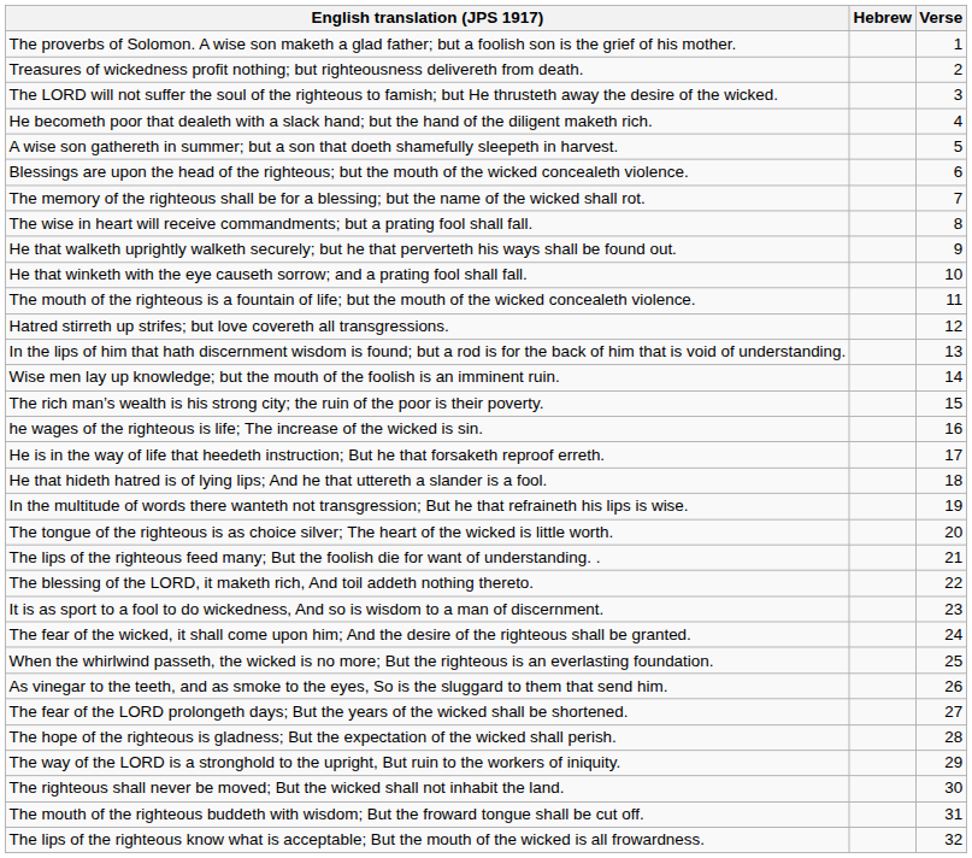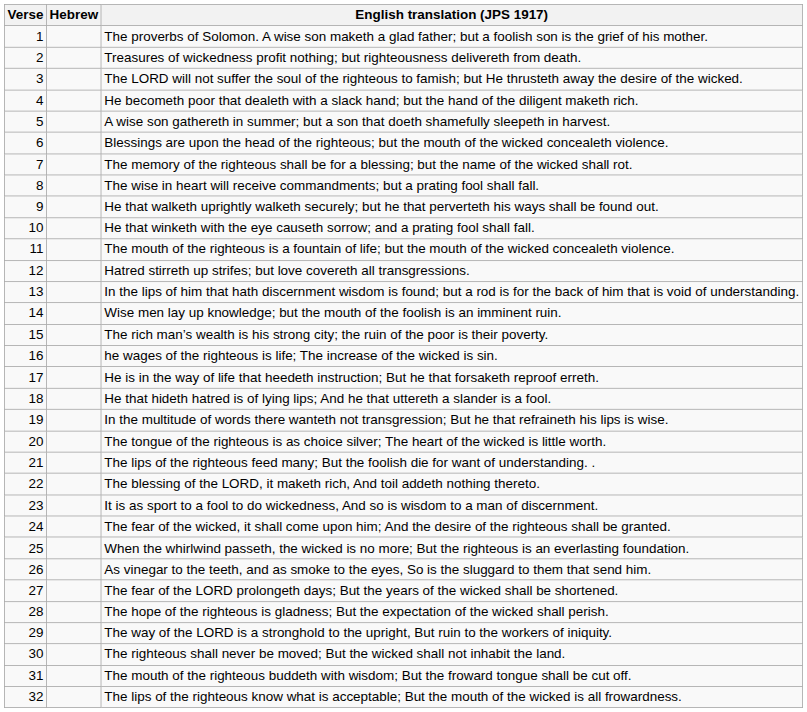 <table class="wikitable">
 <tr>
+<th>Verse</th>
+<th>Hebrew</th>
 <th>English translation (JPS 1917)</th>
-<th>Hebrew</th>
-<th>Verse</th>
 </tr>
 <tr>
+<td style="text-align:right">1</td>
+<td style="text-align:right"></td>
 <td>The proverbs of Solomon. A wise son maketh a glad father; but a foolish son is the grief of his mother.</td>
-<td style="text-align:right"></td>
-<td style="text-align:right">1</td>
 </tr>
 <tr>
+<td style="text-align:right">2</td>
+<td style="text-align:right"></td>
 <td>Treasures of wickedness profit nothing; but righteousness delivereth from death.</td>
-<td style="text-align:right"></td>
-<td style="text-align:right">2</td>
 </tr>
 <tr>
+<td style="text-align:right">3</td>
+<td style="text-align:right"></td>
 <td>The LORD will not suffer the soul of the righteous to famish; but He thrusteth away the desire of the wicked.</td>
-<td style="text-align:right"></td>
-<td style="text-align:right">3</td>
 </tr>
 <tr>
+<td style="text-align:right">4</td>
+<td style="text-align:right"></td>
 <td>He becometh poor that dealeth with a slack hand; but the hand of the diligent maketh rich.</td>
-<td style="text-align:right"></td>
-<td style="text-align:right">4</td>
 </tr>
 <tr>
+<td style="text-align:right">5</td>
+<td style="text-align:right"></td>
 <td>A wise son gathereth in summer; but a son that doeth shamefully sleepeth in harvest.</td>
-<td style="text-align:right"></td>
-<td style="text-align:right">5</td>
 </tr>
 <tr>
+<td style="text-align:right">6</td>
+<td style="text-align:right"></td>
 <td>Blessings are upon the head of the righteous; but the mouth of the wicked concealeth violence.</td>
-<td style="text-align:right"></td>
-<td style="text-align:right">6</td>
 </tr>
 <tr>
+<td style="text-align:right">7</td>
+<td style="text-align:right"></td>
 <td>The memory of the righteous shall be for a blessing; but the name of the wicked shall rot.</td>
-<td style="text-align:right"></td>
-<td style="text-align:right">7</td>
 </tr>
 <tr>
+<td style="text-align:right">8</td>
+<td style="text-align:right"></td>
 <td>The wise in heart will receive commandments; but a prating fool shall fall.</td>
-<td style="text-align:right"></td>
-<td style="text-align:right">8</td>
 </tr>
 <tr>
+<td style="text-align:right">9</td>
+<td style="text-align:right"></td>
 <td>He that walketh uprightly walketh securely; but he that perverteth his ways shall be found out.</td>
-<td style="text-align:right"></td>
-<td style="text-align:right">9</td>
 </tr>
 <tr>
+<td style="text-align:right">10</td>
+<td style="text-align:right"></td>
 <td>He that winketh with the eye causeth sorrow; and a prating fool shall fall.</td>
-<td style="text-align:right"></td>
-<td style="text-align:right">10</td>
 </tr>
 <tr>
+<td style="text-align:right">11</td>
+<td style="text-align:right"></td>
 <td>The mouth of the righteous is a fountain of life; but the mouth of the wicked concealeth violence.</td>
-<td style="text-align:right"></td>
-<td style="text-align:right">11</td>
 </tr>
 <tr>
+<td style="text-align:right">12</td>
+<td style="text-align:right"></td>
 <td>Hatred stirreth up strifes; but love covereth all transgressions.</td>
-<td style="text-align:right"></td>
-<td style="text-align:right">12</td>
 </tr>
 <tr>
+<td style="text-align:right">13</td>
+<td style="text-align:right"></td>
 <td>In the lips of him that hath discernment wisdom is found; but a rod is for the back of him that is void of understanding.</td>
-<td style="text-align:right"></td>
-<td style="text-align:right">13</td>
 </tr>
 <tr>
+<td style="text-align:right">14</td>
+<td style="text-align:right"></td>
 <td>Wise men lay up knowledge; but the mouth of the foolish is an imminent ruin.</td>
-<td style="text-align:right"></td>
-<td style="text-align:right">14</td>
 </tr>
 <tr>
+<td style="text-align:right">15</td>
+<td style="text-align:right"></td>
 <td>The rich man’s wealth is his strong city; the ruin of the poor is their poverty.</td>
-<td style="text-align:right"></td>
-<td style="text-align:right">15</td>
 </tr>
 <tr>
+<td style="text-align:right">16</td>
+<td style="text-align:right"></td>
 <td>he wages of the righteous is life; The increase of the wicked is sin.</td>
-<td style="text-align:right"></td>
-<td style="text-align:right">16</td>
 </tr>
 <tr>
+<td style="text-align:right">17</td>
+<td style="text-align:right"></td>
 <td>He is in the way of life that heedeth instruction; But he that forsaketh reproof erreth.</td>
-<td style="text-align:right"></td>
-<td style="text-align:right">17</td>
 </tr>
 <tr>
+<td style="text-align:right">18</td>
+<td style="text-align:right"></td>
 <td>He that hideth hatred is of lying lips; And he that uttereth a slander is a fool.</td>
-<td style="text-align:right"></td>
-<td style="text-align:right">18</td>
 </tr>
 <tr>
+<td style="text-align:right">19</td>
+<td style="text-align:right"></td>
 <td>In the multitude of words there wanteth not transgression; But he that refraineth his lips is wise.</td>
-<td style="text-align:right"></td>
-<td style="text-align:right">19</td>
 </tr>
 <tr>
+<td style="text-align:right">20</td>
+<td style="text-align:right"></td>
 <td>The tongue of the righteous is as choice silver; The heart of the wicked is little worth.</td>
-<td style="text-align:right"></td>
-<td style="text-align:right">20</td>
 </tr>
 <tr>
+<td style="text-align:right">21</td>
+<td style="text-align:right"></td>
 <td>The lips of the righteous feed many; But the foolish die for want of understanding. .</td>
-<td style="text-align:right"></td>
-<td style="text-align:right">21</td>
 </tr>
 <tr>
+<td style="text-align:right">22</td>
+<td style="text-align:right"></td>
 <td>The blessing of the LORD, it maketh rich, And toil addeth nothing thereto.</td>
-<td style="text-align:right"></td>
-<td style="text-align:right">22</td>
 </tr>
 <tr>
+<td style="text-align:right">23</td>
+<td style="text-align:right"></td>
 <td>It is as sport to a fool to do wickedness, And so is wisdom to a man of discernment.</td>
-<td style="text-align:right"></td>
-<td style="text-align:right">23</td>
 </tr>
 <tr>
+<td style="text-align:right">24</td>
+<td style="text-align:right"></td>
 <td>The fear of the wicked, it shall come upon him; And the desire of the righteous shall be granted.</td>
-<td style="text-align:right"></td>
-<td style="text-align:right">24</td>
 </tr>
 <tr>
+<td style="text-align:right">25</td>
+<td style="text-align:right"></td>
 <td>When the whirlwind passeth, the wicked is no more; But the righteous is an everlasting foundation.</td>
-<td style="text-align:right"></td>
-<td style="text-align:right">25</td>
 </tr>
 <tr>
+<td style="text-align:right">26</td>
+<td style="text-align:right"></td>
 <td>As vinegar to the teeth, and as smoke to the eyes, So is the sluggard to them that send him.</td>
-<td style="text-align:right"></td>
-<td style="text-align:right">26</td>
 </tr>
 <tr>
+<td style="text-align:right">27</td>
+<td style="text-align:right"></td>
 <td>The fear of the LORD prolongeth days; But the years of the wicked shall be shortened.</td>
-<td style="text-align:right"></td>
-<td style="text-align:right">27</td>
 </tr>
 <tr>
+<td style="text-align:right">28</td>
+<td style="text-align:right"></td>
 <td>The hope of the righteous is gladness; But the expectation of the wicked shall perish.</td>
-<td style="text-align:right"></td>
-<td style="text-align:right">28</td>
 </tr>
 <tr>
+<td style="text-align:right">29</td>
+<td style="text-align:right"></td>
 <td>The way of the LORD is a stronghold to the upright, But ruin to the workers of iniquity.</td>
-<td style="text-align:right"></td>
-<td style="text-align:right">29</td>
 </tr>
 <tr>
+<td style="text-align:right">30</td>
+<td style="text-align:right"></td>
 <td>The righteous shall never be moved; But the wicked shall not inhabit the land.</td>
-<td style="text-align:right"></td>
-<td style="text-align:right">30</td>
 </tr>
 <tr>
+<td style="text-align:right">31</td>
+<td style="text-align:right"></td>
 <td>The mouth of the righteous buddeth with wisdom; But the froward tongue shall be cut off.</td>
-<td style="text-align:right"></td>
-<td style="text-align:right">31</td>
 </tr>
 <tr>
+<td style="text-align:right">32</td>
+<td style="text-align:right"></td>
 <td>The lips of the righteous know what is acceptable; But the mouth of the wicked is all frowardness.</td>
-<td style="text-align:right"></td>
-<td style="text-align:right">32</td>
 </tr>
 </table>
